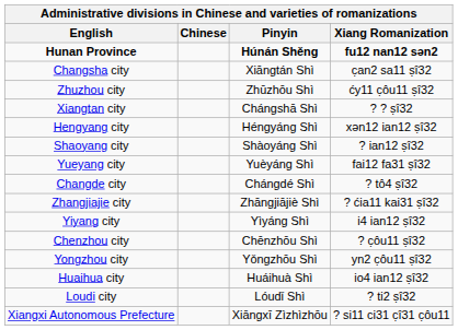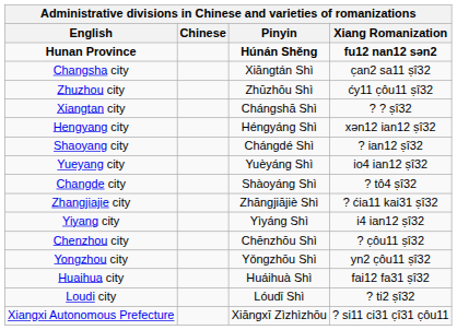 <table class="wikitable sortable collapsible collapsed" style="text-font:90%; width:auto; text-align:center; margin-left: auto; margin-right: auto;">
 <tr>
 <th colspan="5">Administrative divisions in Chinese and varieties of romanizations</th>
 </tr>
 <tr>
 <th>English</th>
 <th>Chinese</th>
 <th>Pinyin</th>
 <th>Xiang Romanization</th>
 </tr>
 <tr>
 <td><strong>Hunan Province</strong></td>
 <td></td>
 <td><strong>Húnán Shěng</strong></td>
 <td><strong>fu12 nan12 sǝn2</strong></td>
 </tr>
 <tr>
 <td><a href='#'>Changsha</a> city</td>
 <td></td>
 <td>Xiāngtán Shì</td>
 <td>c̣an2 sa11 ṣî32</td>
 </tr>
 <tr>
 <td><a href='#'>Zhuzhou</a> city</td>
 <td></td>
 <td>Zhūzhōu Shì</td>
 <td>ćy11 c̣ôu11 ṣî32</td>
 </tr>
 <tr>
 <td><a href='#'>Xiangtan</a> city</td>
 <td></td>
 <td>Chángshā Shì</td>
 <td>? ? ṣî32</td>
 </tr>
 <tr>
 <td><a href='#'>Hengyang</a> city</td>
 <td></td>
 <td>Héngyáng Shì</td>
 <td>xǝn12 ian12 ṣî32</td>
 </tr>
 <tr>
 <td><a href='#'>Shaoyang</a> city</td>
 <td></td>
-<td>Shàoyáng Shì</td>
+<td>Chángdé Shì</td>
 <td>? ian12 ṣî32</td>
 </tr>
 <tr>
 <td><a href='#'>Yueyang</a> city</td>
 <td></td>
 <td>Yuèyáng Shì</td>
-<td>fai12 fa31 ṣî32</td>
+<td>io4 ian12 ṣî32</td>
 </tr>
 <tr>
 <td><a href='#'>Changde</a> city</td>
 <td></td>
-<td>Chángdé Shì</td>
+<td>Shàoyáng Shì</td>
 <td>? tô4 ṣî32</td>
 </tr>
 <tr>
 <td><a href='#'>Zhangjiajie</a> city</td>
 <td></td>
 <td>Zhāngjiājiè Shì</td>
 <td>? ćia11 kai31 ṣî32</td>
 </tr>
 <tr>
 <td><a href='#'>Yiyang</a> city</td>
 <td></td>
 <td>Yìyáng Shì</td>
 <td>i4 ian12 ṣî32</td>
 </tr>
 <tr>
 <td><a href='#'>Chenzhou</a> city</td>
 <td></td>
 <td>Chēnzhōu Shì</td>
 <td>? c̣ôu11 ṣî32</td>
 </tr>
 <tr>
 <td><a href='#'>Yongzhou</a> city</td>
 <td></td>
 <td>Yǒngzhōu Shì</td>
 <td>yn2 c̣ôu11 ṣî32</td>
 </tr>
 <tr>
 <td><a href='#'>Huaihua</a> city</td>
 <td></td>
 <td>Huáihuà Shì</td>
-<td>io4 ian12 ṣî32</td>
+<td>fai12 fa31 ṣî32</td>
 </tr>
 <tr>
 <td><a href='#'>Loudi</a> city</td>
 <td></td>
 <td>Lóudǐ Shì</td>
 <td>? ti2 ṣî32</td>
 </tr>
 <tr>
 <td><a href='#'>Xiangxi Autonomous Prefecture</a></td>
 <td></td>
 <td>Xiāngxī Zìzhìzhōu</td>
 <td>? si11 ci31 c̣î31 c̣ôu11</td>
 </tr>
 </table>
